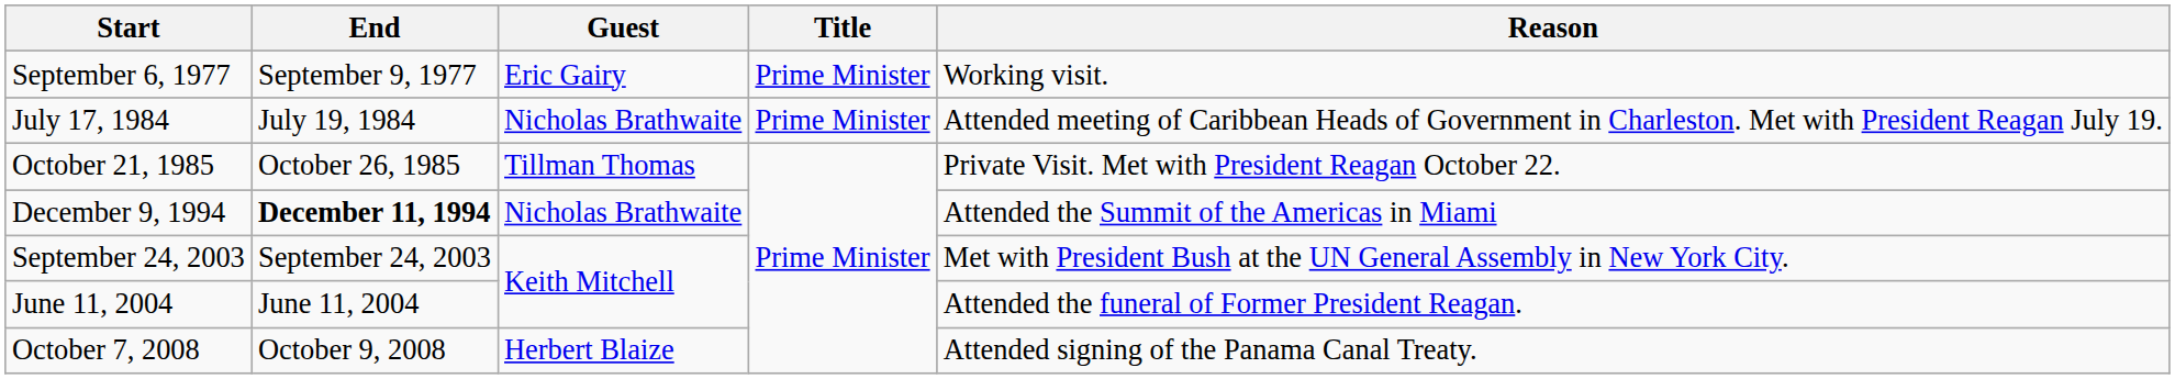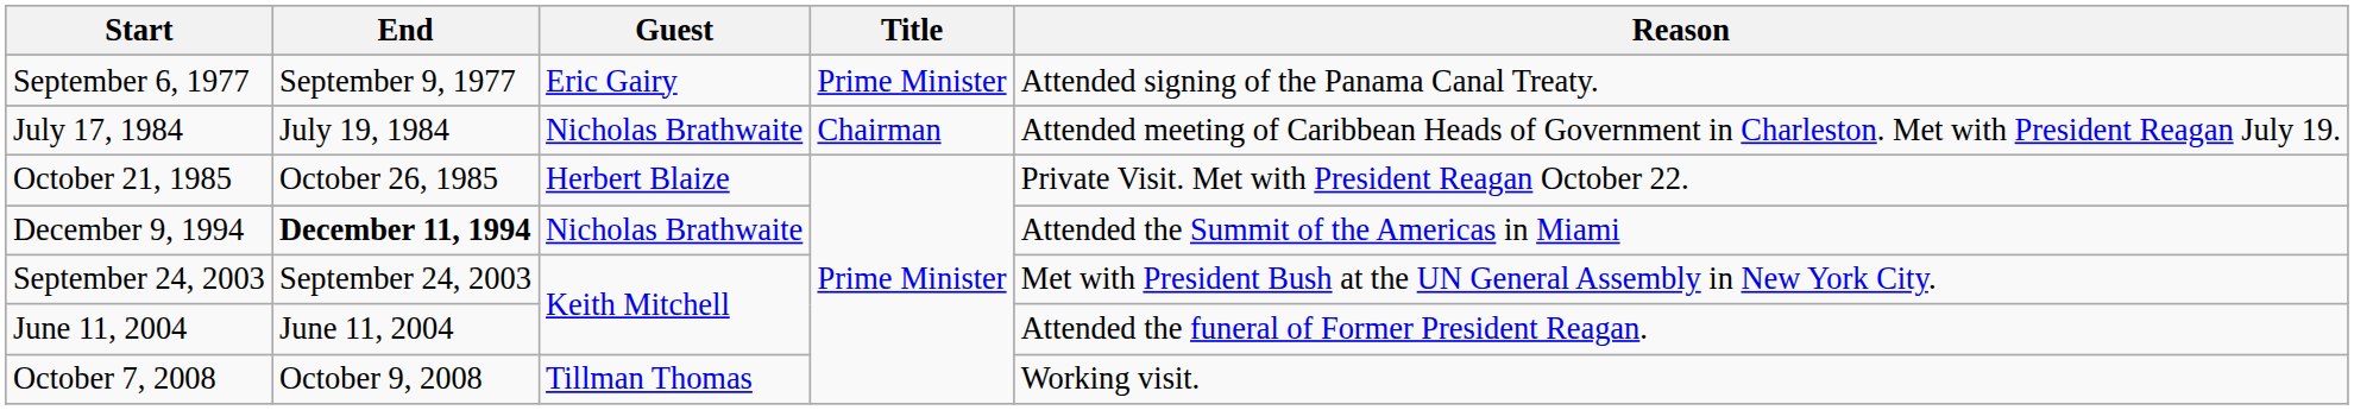 <table class="wikitable sortable">
 <tr>
 <th>Start</th>
 <th>End</th>
 <th>Guest</th>
 <th>Title</th>
 <th>Reason</th>
 </tr>
 <tr>
 <td>September 6, 1977</td>
 <td>September 9, 1977</td>
 <td><a href='#'>Eric Gairy</a></td>
 <td><a href='#'>Prime Minister</a></td>
-<td>Working visit.</td>
+<td>Attended signing of the Panama Canal Treaty.</td>
 </tr>
 <tr>
 <td>July 17, 1984</td>
 <td>July 19, 1984</td>
 <td><a href='#'>Nicholas Brathwaite</a></td>
-<td><a href='#'>Prime Minister</a></td>
+<td><a href='#'>Chairman</a></td>
 <td>Attended meeting of Caribbean Heads of Government in <a href='#'>Charleston</a>. Met with <a href='#'>President Reagan</a> July 19.</td>
 </tr>
 <tr>
 <td>October 21, 1985</td>
 <td>October 26, 1985</td>
-<td><a href='#'>Tillman Thomas</a></td>
+<td><a href='#'>Herbert Blaize</a></td>
 <td rowspan=5><a href='#'>Prime Minister</a></td>
 <td>Private Visit. Met with <a href='#'>President Reagan</a> October 22.</td>
 </tr>
 <tr>
 <td>December 9, 1994</td>
 <td><strong>December 11, 1994</strong></td>
 <td><a href='#'>Nicholas Brathwaite</a></td>
 <td>Attended the <a href='#'>Summit of the Americas</a> in <a href='#'>Miami</a></td>
 </tr>
 <tr>
 <td>September 24, 2003</td>
 <td>September 24, 2003</td>
 <td rowspan=2><a href='#'>Keith Mitchell</a></td>
 <td>Met with <a href='#'>President Bush</a> at the <a href='#'>UN General Assembly</a> in <a href='#'>New York City</a>.</td>
 </tr>
 <tr>
 <td>June 11, 2004</td>
 <td>June 11, 2004</td>
 <td>Attended the <a href='#'>funeral of Former President Reagan</a>.</td>
 </tr>
 <tr>
 <td>October 7, 2008</td>
 <td>October 9, 2008</td>
-<td><a href='#'>Herbert Blaize</a></td>
-<td>Attended signing of the Panama Canal Treaty.</td>
+<td><a href='#'>Tillman Thomas</a></td>
+<td>Working visit.</td>
 </tr>
 </table>
